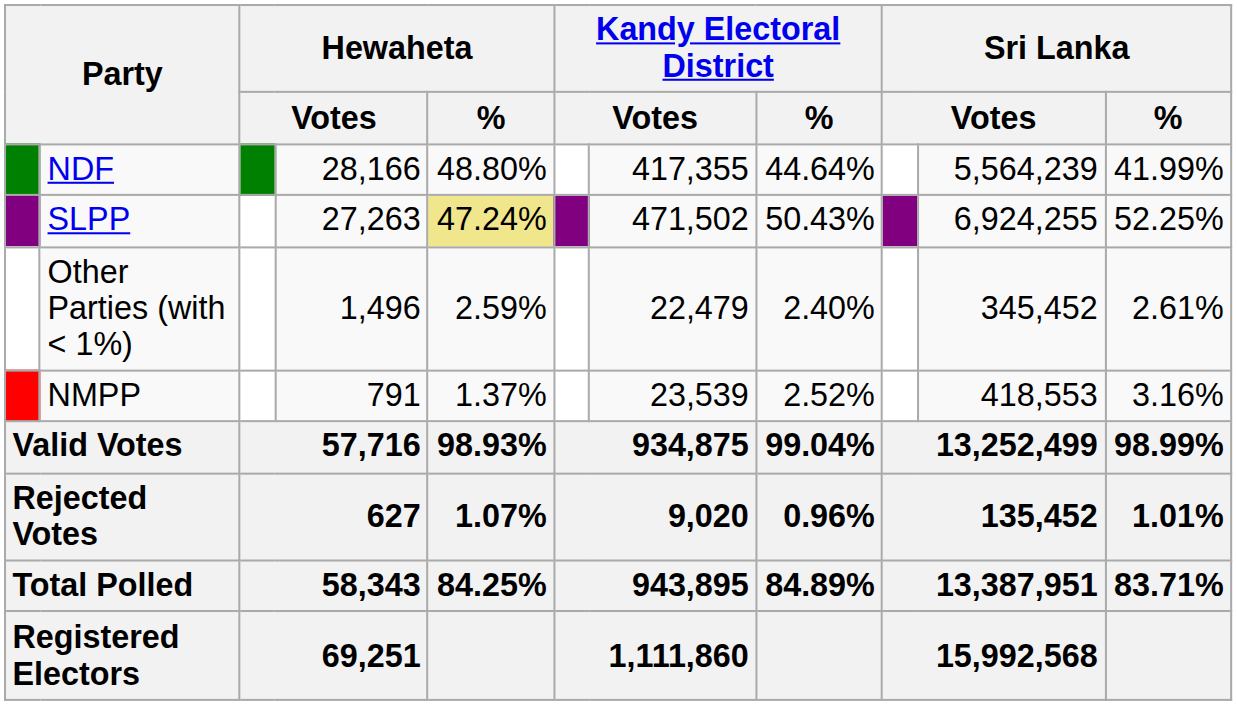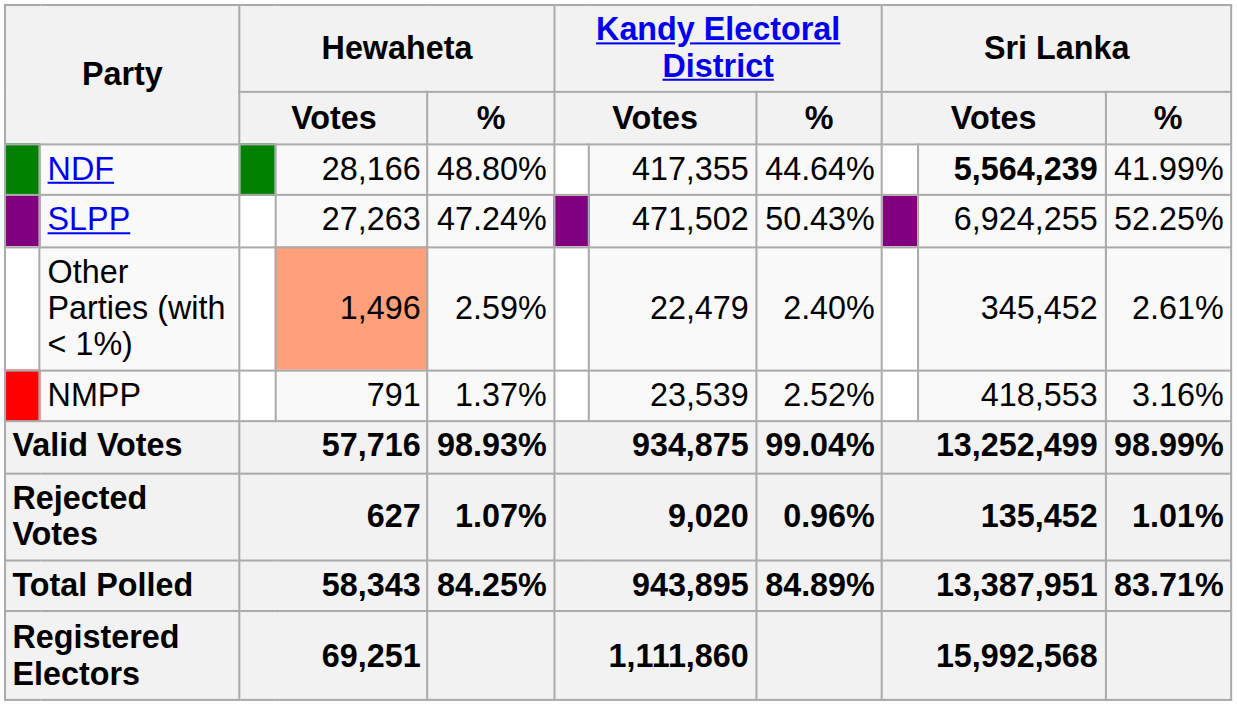 <table class="wikitable">
 <tr>
 <th colspan="2" width="144px"rowspan="2">Party</th>
 <th colspan="3" width="216px">Hewaheta</th>
 <th colspan="3" width="216px"><a href='#'>Kandy Electoral District</a></th>
 <th colspan="3" width="216px">Sri Lanka</th>
 </tr>
 <tr>
 <th colspan="2" width="144px">Votes</th>
 <th>%</th>
 <th colspan="2" width="144px">Votes</th>
 <th>%</th>
 <th colspan="2" width="144px">Votes</th>
 <th>%</th>
 </tr>
 <tr>
 <td style="background-color:green;" width="10px"></td>
 <td style="text-align:left;"><a href='#'>NDF</a></td>
 <td style="background-color:green;" width="10px"></td>
 <td style="text-align:right;">28,166</td>
 <td style="text-align:right;">48.80%</td>
 <td style="background-color:white;" width="10px"></td>
 <td style="text-align:right;">417,355</td>
 <td style="text-align:right;">44.64%</td>
 <td style="background-color:white;" width="10px"></td>
-<td style="text-align:right;">5,564,239</td>
+<td style="text-align:right;"><strong>5,564,239</strong></td>
 <td style="text-align:right;">41.99%</td>
 </tr>
 <tr>
 <td style="background-color:purple;" width="10px"></td>
 <td style="text-align:left;"><a href='#'>SLPP</a></td>
 <td style="background-color:white;" width="10px"></td>
 <td style="text-align:right;">27,263</td>
-<td style="background: khaki; text-align:right;">47.24%</td>
+<td style="text-align:right;">47.24%</td>
 <td style="background-color:purple;" width="10px"></td>
 <td style="text-align:right;">471,502</td>
 <td style="text-align:right;">50.43%</td>
 <td style="background-color:purple;" width="10px"></td>
 <td style="text-align:right;">6,924,255</td>
 <td style="text-align:right;">52.25%</td>
 </tr>
 <tr>
 <td style="background-color:white;" width="10px"></td>
 <td style="text-align:left;">Other Parties (with < 1%)</td>
 <td style="background-color:white;" width="10px"></td>
-<td style="text-align:right;">1,496</td>
+<td style="background: lightsalmon; text-align:right;">1,496</td>
 <td style="text-align:right;">2.59%</td>
 <td style="background-color:white;" width="10px"></td>
 <td style="text-align:right;">22,479</td>
 <td style="text-align:right;">2.40%</td>
 <td style="background-color:white;" width="10px"></td>
 <td style="text-align:right;">345,452</td>
 <td style="text-align:right;">2.61%</td>
 </tr>
 <tr>
 <td style="background-color:red;" width="10px"></td>
 <td style="text-align:left;">NMPP</td>
 <td style="background-color:white;" width="10px"></td>
 <td style="text-align:right;">791</td>
 <td style="text-align:right;">1.37%</td>
 <td style="background-color:white;" width="10px"></td>
 <td style="text-align:right;">23,539</td>
 <td style="text-align:right;">2.52%</td>
 <td style="background-color:white;" width="10px"></td>
 <td style="text-align:right;">418,553</td>
 <td style="text-align:right;">3.16%</td>
 </tr>
 <tr>
 <th colspan="2" width="144px"style="text-align:left;">Valid Votes</th>
 <th style="text-align:right;"colspan="2" width="144px">57,716</th>
 <th style="text-align:right;">98.93%</th>
 <th style="text-align:right;"colspan="2" width="144px">934,875</th>
 <th style="text-align:right;">99.04%</th>
 <th style="text-align:right;"colspan="2" width="144px">13,252,499</th>
 <th style="text-align:right;">98.99%</th>
 </tr>
 <tr>
 <th colspan="2" width="144px"style="text-align:left;">Rejected Votes</th>
 <th style="text-align:right;"colspan="2" width="144px">627</th>
 <th style="text-align:right;">1.07%</th>
 <th style="text-align:right;"colspan="2" width="144px">9,020</th>
 <th style="text-align:right;">0.96%</th>
 <th style="text-align:right;"colspan="2" width="144px">135,452</th>
 <th style="text-align:right;">1.01%</th>
 </tr>
 <tr>
 <th colspan="2" width="144px"style="text-align:left;">Total Polled</th>
 <th style="text-align:right;"colspan="2" width="144px">58,343</th>
 <th style="text-align:right;">84.25%</th>
 <th style="text-align:right;"colspan="2" width="144px">943,895</th>
 <th style="text-align:right;">84.89%</th>
 <th style="text-align:right;"colspan="2" width="144px">13,387,951</th>
 <th style="text-align:right;">83.71%</th>
 </tr>
 <tr>
 <th colspan="2" width="144px"style="text-align:left;">Registered Electors</th>
 <th style="text-align:right;"colspan="2" width="144px">69,251</th>
 <th></th>
 <th style="text-align:right;"colspan="2" width="144px">1,111,860</th>
 <th></th>
 <th style="text-align:right;"colspan="2" width="144px">15,992,568</th>
 <th></th>
 </tr>
 </table>
